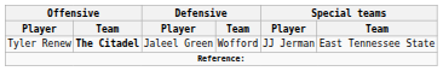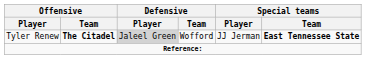 <table class="wikitable" border="1">
 <tr>
 <th colspan="2">Offensive</th>
 <th colspan="2">Defensive</th>
 <th colspan="2">Special teams</th>
 </tr>
 <tr>
 <th>Player</th>
 <th>Team</th>
 <th>Player</th>
 <th>Team</th>
 <th>Player</th>
 <th>Team</th>
 </tr>
 <tr>
 <td>Tyler Renew</td>
 <td><strong>The Citadel</strong></td>
-<td>Jaleel Green</td>
+<td style="background: lightgrey;">Jaleel Green</td>
 <td>Wofford</td>
 <td>JJ Jerman</td>
-<td>East Tennessee State</td>
+<td><strong>East Tennessee State</strong></td>
 </tr>
 <tr>
 <td colspan="8" style="font-size: 8pt" align="center"><strong>Reference: </strong></td>
 </tr>
 </table>
